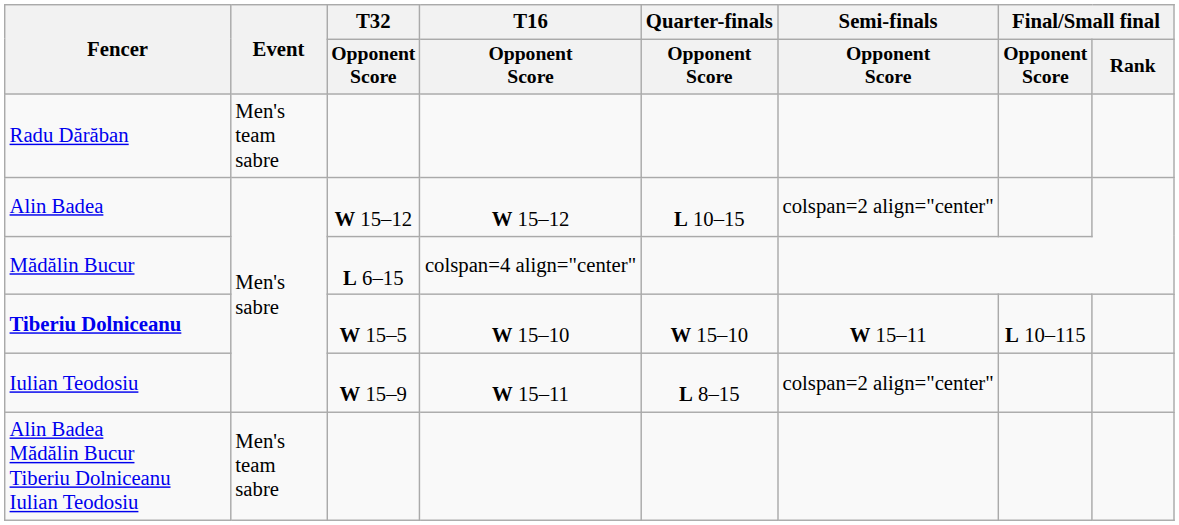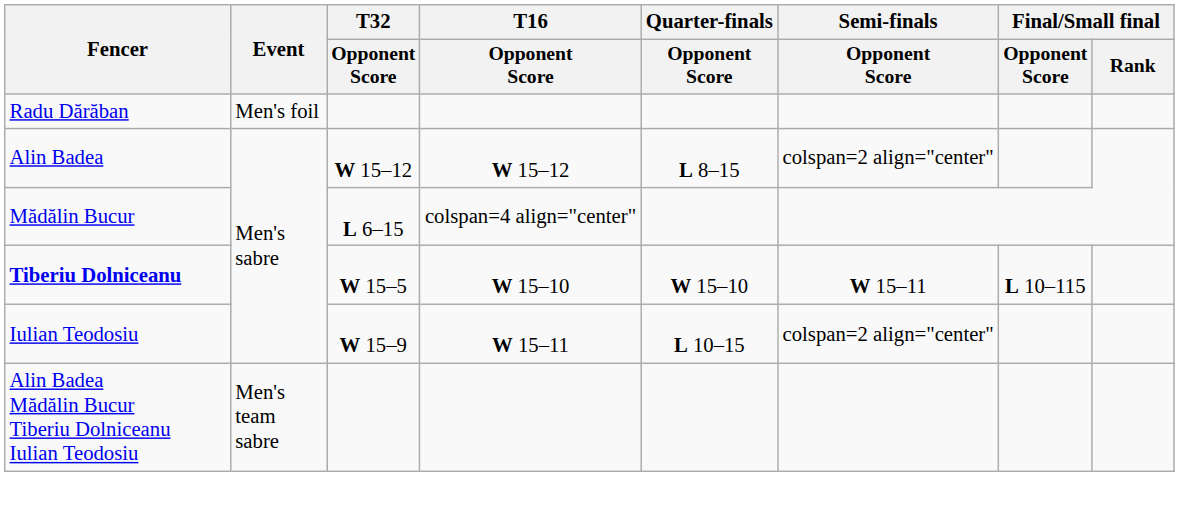 <table class="wikitable" style="text-align:left; font-size:90%">
 <tr>
 <th rowspan=2 width=150>Fencer</th>
 <th rowspan=2 width=60>Event</th>
 <th>T32</th>
 <th>T16</th>
 <th>Quarter-finals</th>
 <th>Semi-finals</th>
 <th colspan=2>Final/Small final</th>
 </tr>
 <tr style="font-size:95%">
 <th>Opponent <br> Score</th>
 <th>Opponent <br> Score</th>
 <th>Opponent <br> Score</th>
 <th>Opponent <br> Score</th>
 <th>Opponent <br> Score</th>
 <th width=50>Rank</th>
 </tr>
 <tr align=center>
 <td align=left><a href='#'>Radu Dărăban</a></td>
-<td align=left>Men's team sabre</td>
+<td align=left>Men's foil</td>
 <td></td>
 <td></td>
 <td></td>
 <td></td>
 <td></td>
 <td></td>
 </tr>
 <tr align=center>
 <td align=left><a href='#'>Alin Badea</a></td>
 <td align=left rowspan=4>Men's sabre</td>
 <td><br><strong>W</strong> 15–12</td>
 <td><br><strong>W</strong> 15–12</td>
-<td><br><strong>L</strong> 10–15</td>
+<td><br><strong>L</strong> 8–15</td>
 <td>colspan=2 align="center" </td>
 <td></td>
 </tr>
 <tr align=center>
 <td align=left><a href='#'>Mădălin Bucur</a></td>
 <td><br><strong>L</strong> 6–15</td>
 <td>colspan=4 align="center" </td>
 <td></td>
 </tr>
 <tr align=center>
 <td align=left><strong><a href='#'>Tiberiu Dolniceanu</a></strong></td>
 <td><br><strong>W</strong> 15–5</td>
 <td><br><strong>W</strong> 15–10</td>
 <td><br><strong>W</strong> 15–10</td>
 <td><br><strong>W</strong> 15–11</td>
 <td><br><strong>L</strong> 10–115</td>
 <td></td>
 </tr>
 <tr align=center>
 <td align=left><a href='#'>Iulian Teodosiu</a></td>
 <td><br><strong>W</strong> 15–9</td>
 <td><br><strong>W</strong> 15–11</td>
-<td><br><strong>L</strong> 8–15</td>
+<td><br><strong>L</strong> 10–15</td>
 <td>colspan=2 align="center" </td>
 <td></td>
 </tr>
 <tr align=center>
 <td align=left><a href='#'>Alin Badea</a><br><a href='#'>Mădălin Bucur</a><br><a href='#'>Tiberiu Dolniceanu</a><br><a href='#'>Iulian Teodosiu</a></td>
 <td align=left>Men's team sabre</td>
 <td></td>
 <td></td>
 <td></td>
 <td></td>
 <td></td>
 <td></td>
 </tr>
 </table>
